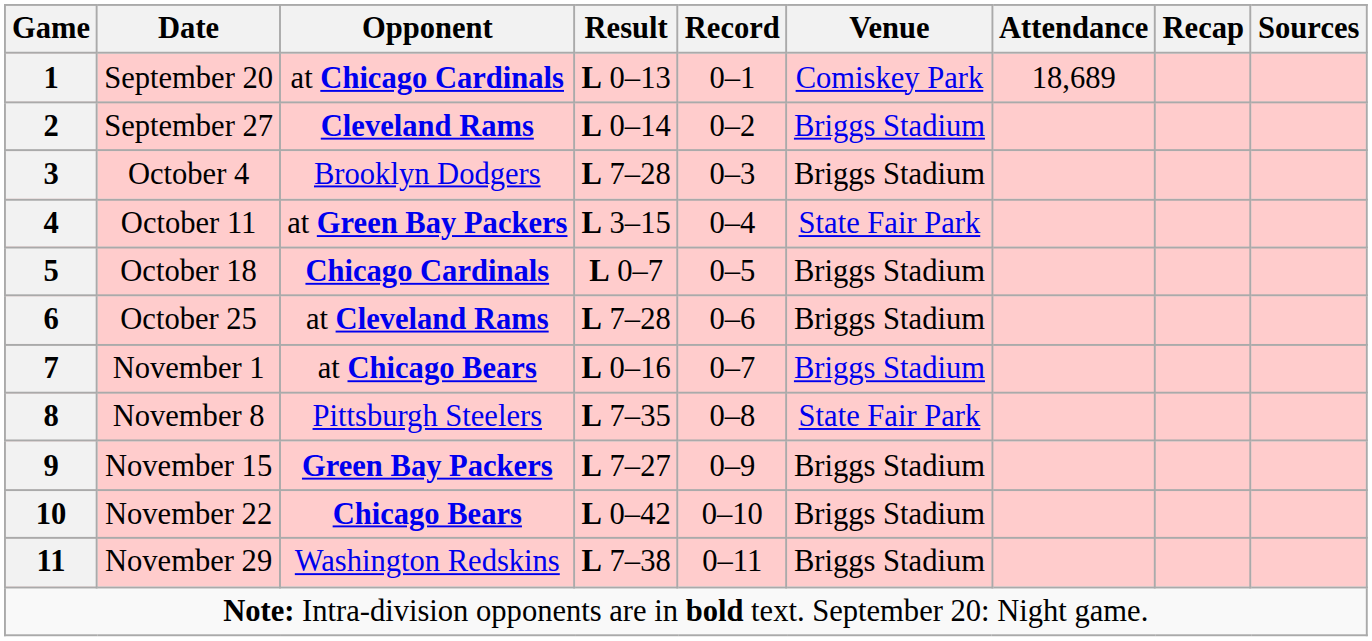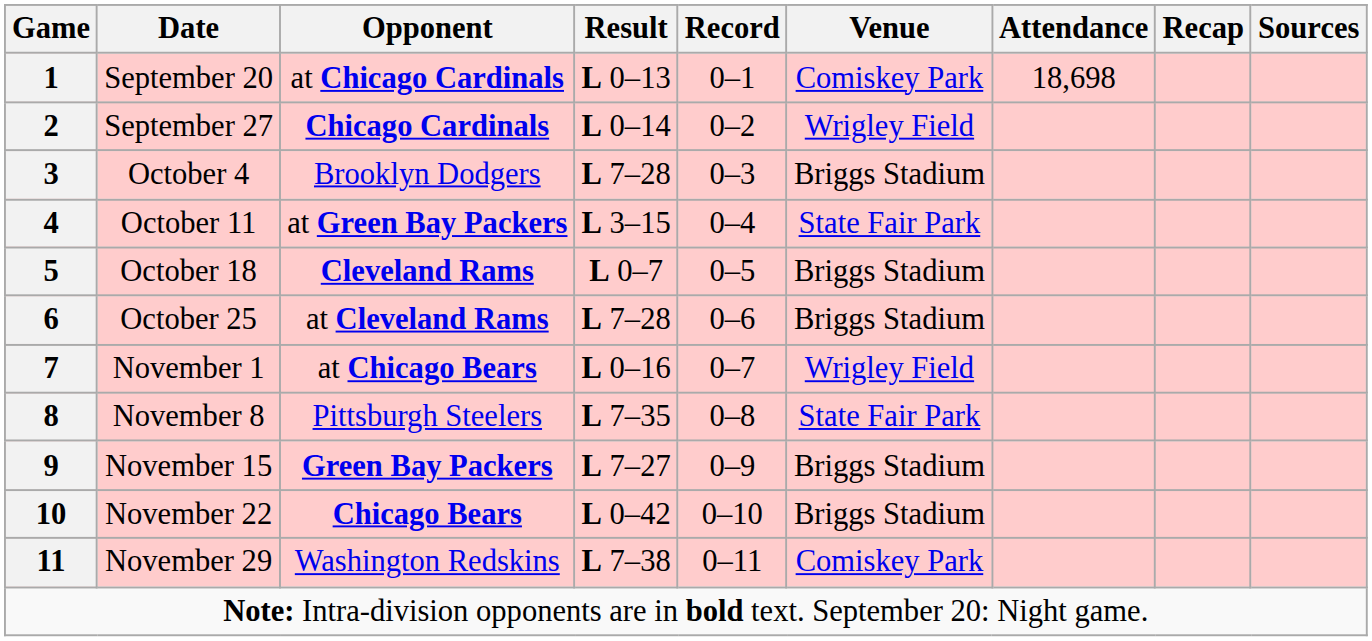 <table class="wikitable" style="text-align:center">
 <tr>
 <th>Game</th>
 <th>Date</th>
 <th>Opponent</th>
 <th>Result</th>
 <th>Record</th>
 <th>Venue</th>
 <th>Attendance</th>
 <th>Recap</th>
 <th>Sources</th>
 </tr>
 <tr style="background:#fcc">
 <th>1</th>
 <td>September 20</td>
 <td>at <strong><a href='#'>Chicago Cardinals</a></strong></td>
 <td><strong>L</strong> 0–13</td>
 <td>0–1</td>
 <td><a href='#'>Comiskey Park</a></td>
-<td>18,689</td>
+<td>18,698</td>
 <td></td>
 <td></td>
 </tr>
 <tr style="background:#fcc">
 <th>2</th>
 <td>September 27</td>
-<td><strong><a href='#'>Cleveland Rams</a></strong></td>
+<td><strong><a href='#'>Chicago Cardinals</a></strong></td>
 <td><strong>L</strong> 0–14</td>
 <td>0–2</td>
-<td><a href='#'>Briggs Stadium</a></td>
+<td><a href='#'>Wrigley Field</a></td>
 <td></td>
 <td></td>
 <td></td>
 </tr>
 <tr style="background:#fcc">
 <th>3</th>
 <td>October 4</td>
 <td><a href='#'>Brooklyn Dodgers</a></td>
 <td><strong>L</strong> 7–28</td>
 <td>0–3</td>
 <td>Briggs Stadium</td>
 <td></td>
 <td></td>
 <td></td>
 </tr>
 <tr style="background:#fcc">
 <th>4</th>
 <td>October 11</td>
 <td>at <strong><a href='#'>Green Bay Packers</a></strong></td>
 <td><strong>L</strong> 3–15</td>
 <td>0–4</td>
 <td><a href='#'>State Fair Park</a></td>
 <td></td>
 <td></td>
 <td></td>
 </tr>
 <tr style="background:#fcc">
 <th>5</th>
 <td>October 18</td>
-<td><strong><a href='#'>Chicago Cardinals</a></strong></td>
+<td><strong><a href='#'>Cleveland Rams</a></strong></td>
 <td><strong>L</strong> 0–7</td>
 <td>0–5</td>
 <td>Briggs Stadium</td>
 <td></td>
 <td></td>
 <td></td>
 </tr>
 <tr style="background:#fcc">
 <th>6</th>
 <td>October 25</td>
 <td>at <strong><a href='#'>Cleveland Rams</a></strong></td>
 <td><strong>L</strong> 7–28</td>
 <td>0–6</td>
 <td>Briggs Stadium</td>
 <td></td>
 <td></td>
 <td></td>
 </tr>
 <tr style="background:#fcc">
 <th>7</th>
 <td>November 1</td>
 <td>at <strong><a href='#'>Chicago Bears</a></strong></td>
 <td><strong>L</strong> 0–16</td>
 <td>0–7</td>
-<td><a href='#'>Briggs Stadium</a></td>
+<td><a href='#'>Wrigley Field</a></td>
 <td></td>
 <td></td>
 <td></td>
 </tr>
 <tr style="background:#fcc">
 <th>8</th>
 <td>November 8</td>
 <td><a href='#'>Pittsburgh Steelers</a></td>
 <td><strong>L</strong> 7–35</td>
 <td>0–8</td>
 <td><a href='#'>State Fair Park</a></td>
 <td></td>
 <td></td>
 <td></td>
 </tr>
 <tr style="background:#fcc">
 <th>9</th>
 <td>November 15</td>
 <td><strong><a href='#'>Green Bay Packers</a></strong></td>
 <td><strong>L</strong> 7–27</td>
 <td>0–9</td>
 <td>Briggs Stadium</td>
 <td></td>
 <td></td>
 <td></td>
 </tr>
 <tr style="background:#fcc">
 <th>10</th>
 <td>November 22</td>
 <td><strong><a href='#'>Chicago Bears</a></strong></td>
 <td><strong>L</strong> 0–42</td>
 <td>0–10</td>
 <td>Briggs Stadium</td>
 <td></td>
 <td></td>
 <td></td>
 </tr>
 <tr style="background:#fcc">
 <th>11</th>
 <td>November 29</td>
 <td><a href='#'>Washington Redskins</a></td>
 <td><strong>L</strong> 7–38</td>
 <td>0–11</td>
-<td>Briggs Stadium</td>
+<td><a href='#'>Comiskey Park</a></td>
 <td></td>
 <td></td>
 <td></td>
 </tr>
 <tr>
 <td colspan="10"><strong>Note:</strong> Intra-division opponents are in <strong>bold</strong> text. September 20: Night game.</td>
 </tr>
 </table>
